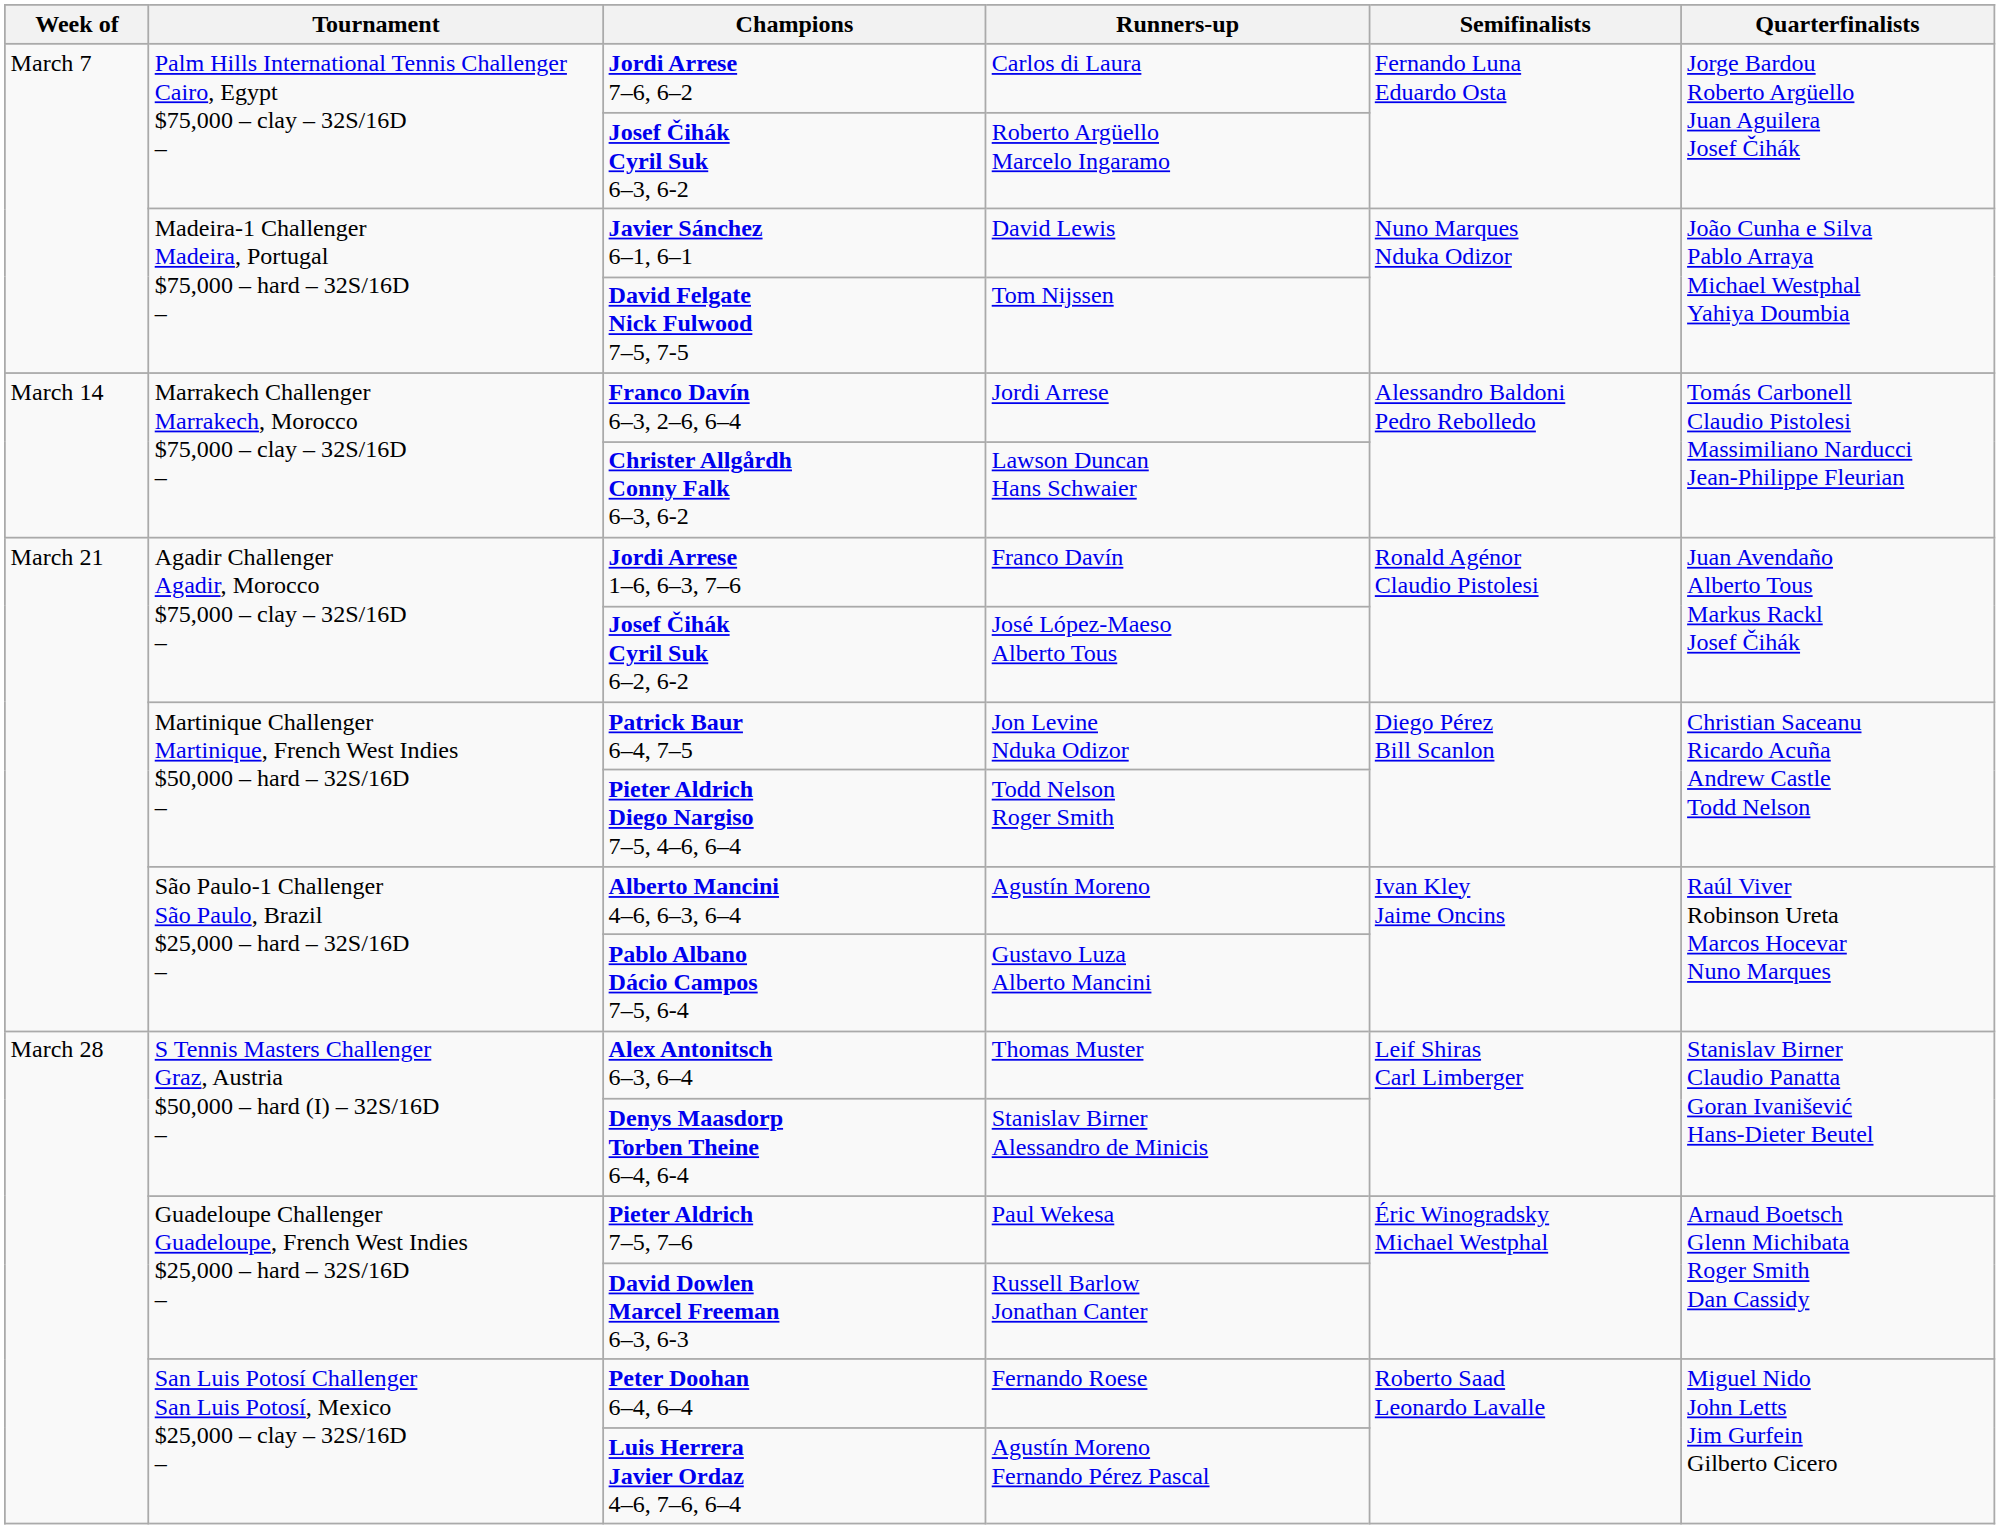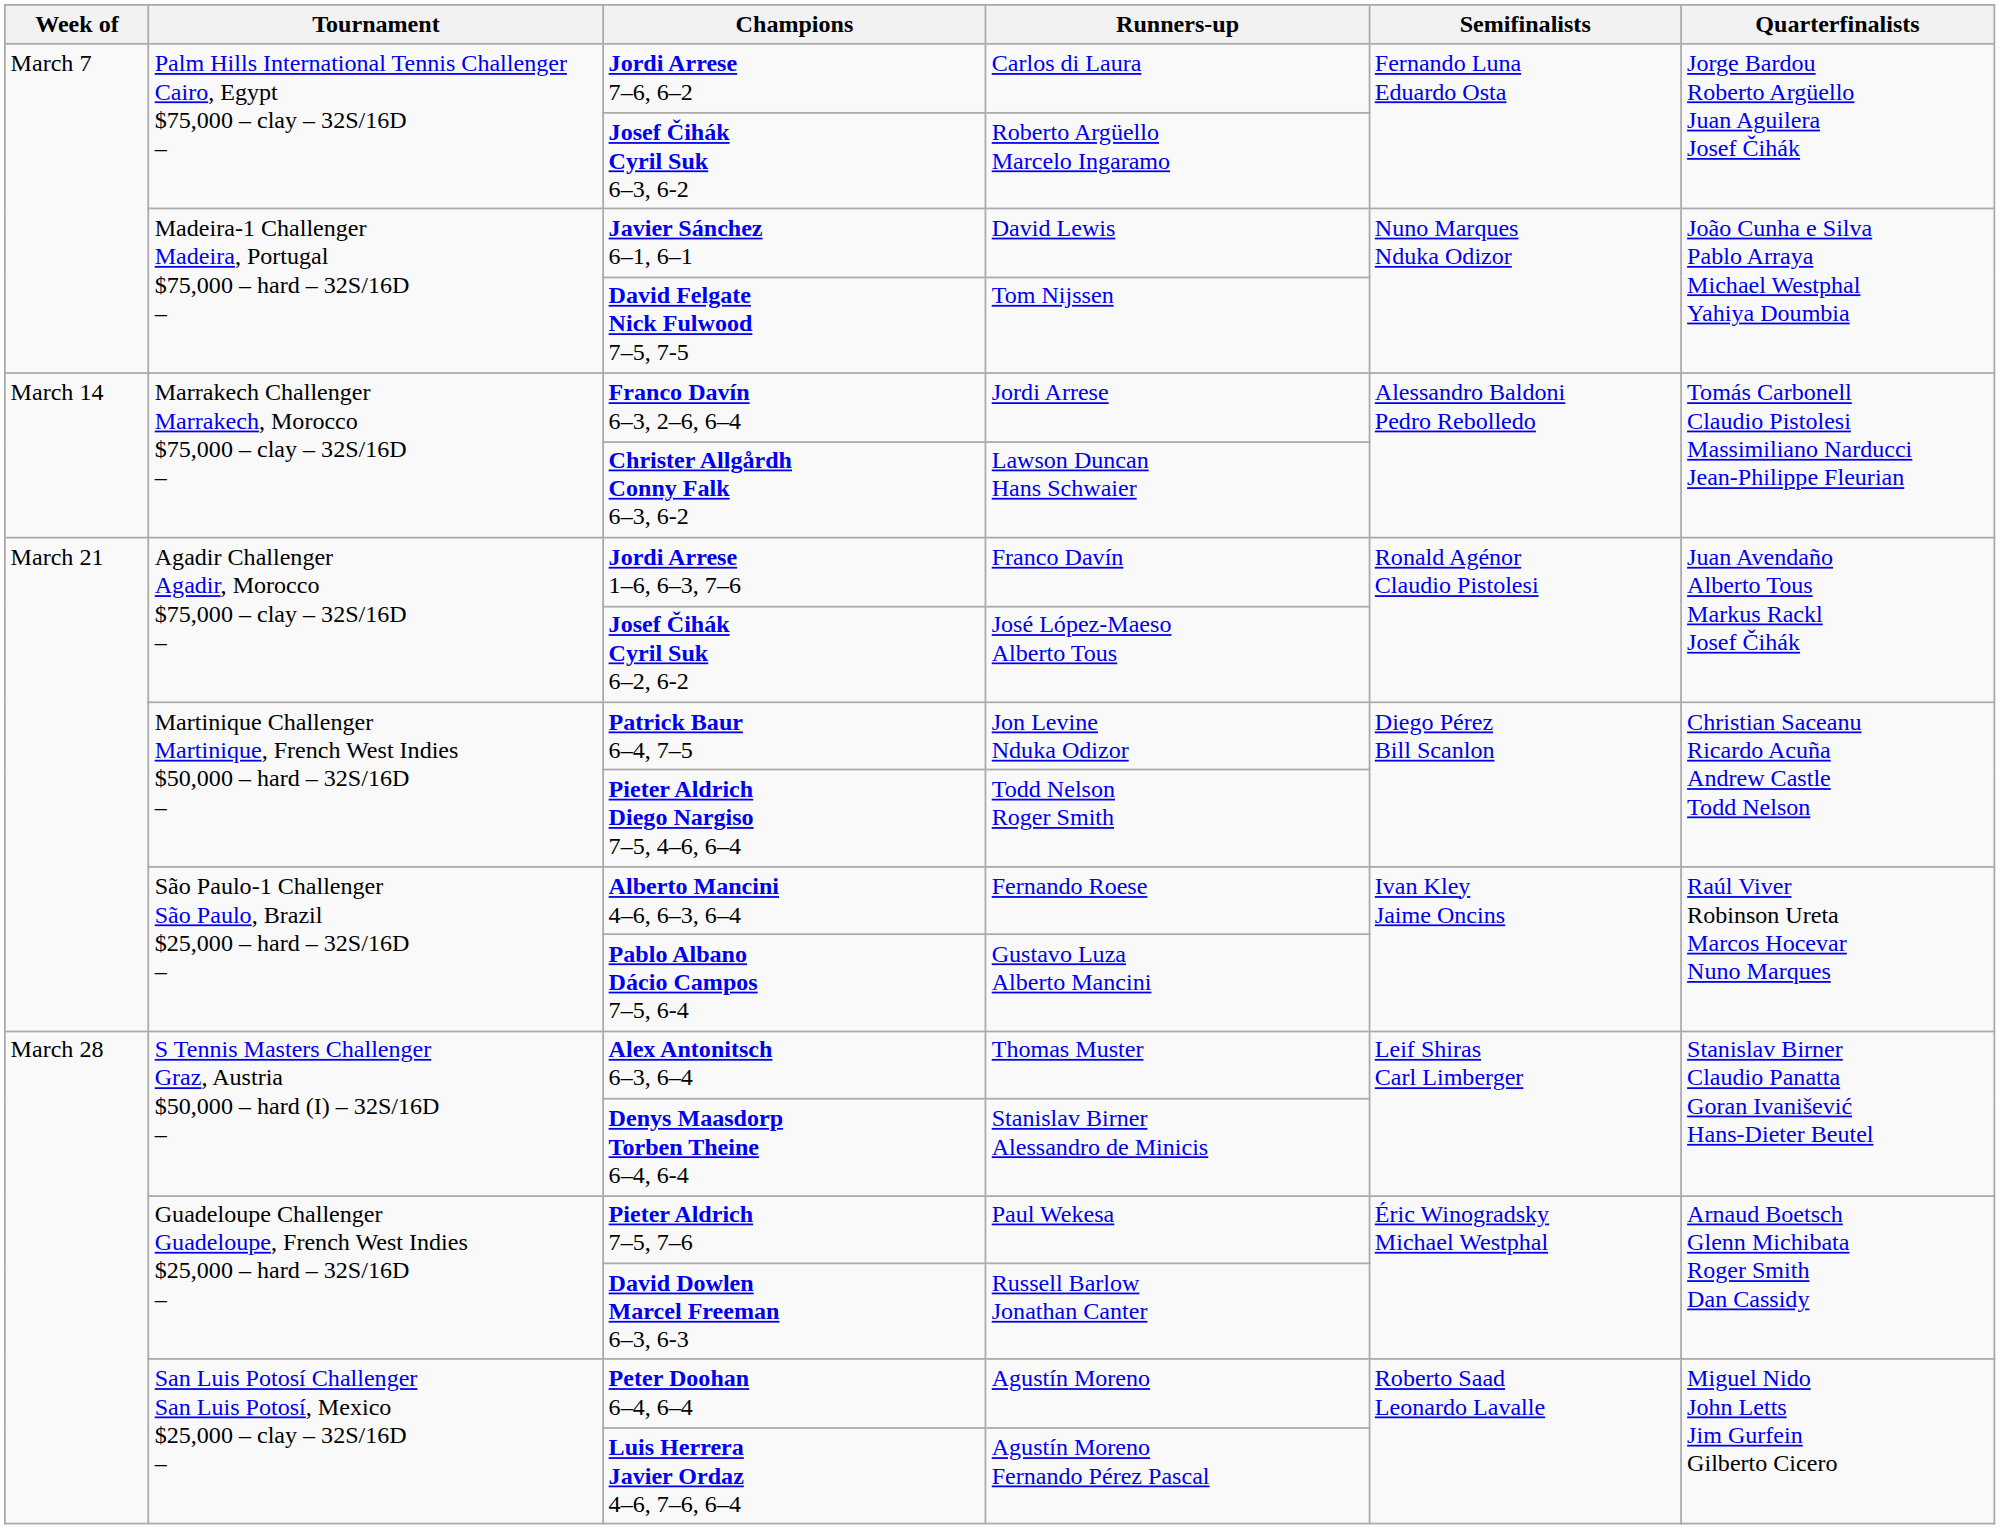 <table class="wikitable" style="font-size:85%;">
 <tr>
 <th width="75">Week of</th>
 <th width="250">Tournament</th>
 <th width="210">Champions</th>
 <th width="210">Runners-up</th>
 <th width="170">Semifinalists</th>
 <th width="170">Quarterfinalists</th>
 </tr>
 <tr valign="top">
 <td rowspan="4">March 7</td>
 <td rowspan="2"><a href='#'>Palm Hills International Tennis Challenger</a><br> <a href='#'>Cairo</a>, Egypt<br>$75,000 – clay – 32S/16D<br>  – </td>
 <td> <strong><a href='#'>Jordi Arrese</a></strong> <br>7–6, 6–2</td>
 <td> <a href='#'>Carlos di Laura</a></td>
 <td rowspan="2"> <a href='#'>Fernando Luna</a> <br>  <a href='#'>Eduardo Osta</a></td>
 <td rowspan="2"> <a href='#'>Jorge Bardou</a> <br> <a href='#'>Roberto Argüello</a> <br> <a href='#'>Juan Aguilera</a> <br>  <a href='#'>Josef Čihák</a></td>
 </tr>
 <tr valign="top">
 <td> <strong><a href='#'>Josef Čihák</a></strong> <br> <strong><a href='#'>Cyril Suk</a></strong><br> 6–3, 6-2</td>
 <td> <a href='#'>Roberto Argüello</a> <br>  <a href='#'>Marcelo Ingaramo</a></td>
 </tr>
 <tr valign="top">
 <td rowspan="2">Madeira-1 Challenger<br> <a href='#'>Madeira</a>, Portugal<br>$75,000 – hard – 32S/16D<br>  – </td>
 <td> <strong><a href='#'>Javier Sánchez</a></strong> <br>6–1, 6–1</td>
 <td> <a href='#'>David Lewis</a></td>
 <td rowspan="2"> <a href='#'>Nuno Marques</a> <br>  <a href='#'>Nduka Odizor</a></td>
 <td rowspan="2"> <a href='#'>João Cunha e Silva</a> <br> <a href='#'>Pablo Arraya</a> <br> <a href='#'>Michael Westphal</a> <br>  <a href='#'>Yahiya Doumbia</a></td>
 </tr>
 <tr valign="top">
 <td> <strong><a href='#'>David Felgate</a></strong> <br> <strong><a href='#'>Nick Fulwood</a></strong><br> 7–5, 7-5</td>
 <td> <a href='#'>Tom Nijssen</a></td>
 </tr>
 <tr valign="top">
 <td rowspan="2">March 14</td>
 <td rowspan="2">Marrakech Challenger<br> <a href='#'>Marrakech</a>, Morocco<br>$75,000 – clay – 32S/16D<br>  – </td>
 <td> <strong><a href='#'>Franco Davín</a></strong> <br>6–3, 2–6, 6–4</td>
 <td> <a href='#'>Jordi Arrese</a></td>
 <td rowspan="2"> <a href='#'>Alessandro Baldoni</a> <br>  <a href='#'>Pedro Rebolledo</a></td>
 <td rowspan="2"> <a href='#'>Tomás Carbonell</a> <br> <a href='#'>Claudio Pistolesi</a> <br> <a href='#'>Massimiliano Narducci</a> <br>  <a href='#'>Jean-Philippe Fleurian</a></td>
 </tr>
 <tr valign="top">
 <td> <strong><a href='#'>Christer Allgårdh</a></strong> <br> <strong><a href='#'>Conny Falk</a></strong><br> 6–3, 6-2</td>
 <td> <a href='#'>Lawson Duncan</a><br>  <a href='#'>Hans Schwaier</a></td>
 </tr>
 <tr valign="top">
 <td rowspan="6">March 21</td>
 <td rowspan="2">Agadir Challenger<br> <a href='#'>Agadir</a>, Morocco<br>$75,000 – clay – 32S/16D<br>  – </td>
 <td> <strong><a href='#'>Jordi Arrese</a></strong> <br>1–6, 6–3, 7–6</td>
 <td> <a href='#'>Franco Davín</a></td>
 <td rowspan="2"> <a href='#'>Ronald Agénor</a> <br>  <a href='#'>Claudio Pistolesi</a></td>
 <td rowspan="2"> <a href='#'>Juan Avendaño</a> <br> <a href='#'>Alberto Tous</a> <br> <a href='#'>Markus Rackl</a> <br>  <a href='#'>Josef Čihák</a></td>
 </tr>
 <tr valign="top">
 <td> <strong><a href='#'>Josef Čihák</a></strong> <br> <strong><a href='#'>Cyril Suk</a></strong><br> 6–2, 6-2</td>
 <td> <a href='#'>José López-Maeso</a> <br>  <a href='#'>Alberto Tous</a></td>
 </tr>
 <tr valign="top">
 <td rowspan="2">Martinique Challenger<br> <a href='#'>Martinique</a>, French West Indies<br>$50,000 – hard – 32S/16D<br>  – </td>
 <td> <strong><a href='#'>Patrick Baur</a></strong> <br>6–4, 7–5</td>
 <td> <a href='#'>Jon Levine</a> <br>  <a href='#'>Nduka Odizor</a></td>
 <td rowspan="2"> <a href='#'>Diego Pérez</a> <br>  <a href='#'>Bill Scanlon</a></td>
 <td rowspan="2"> <a href='#'>Christian Saceanu</a> <br> <a href='#'>Ricardo Acuña</a> <br> <a href='#'>Andrew Castle</a> <br>  <a href='#'>Todd Nelson</a></td>
 </tr>
 <tr valign="top">
 <td> <strong><a href='#'>Pieter Aldrich</a></strong> <br> <strong><a href='#'>Diego Nargiso</a></strong><br> 7–5, 4–6, 6–4</td>
 <td> <a href='#'>Todd Nelson</a> <br>  <a href='#'>Roger Smith</a></td>
 </tr>
 <tr valign="top">
 <td rowspan="2">São Paulo-1 Challenger<br> <a href='#'>São Paulo</a>, Brazil<br>$25,000 – hard – 32S/16D<br>  – </td>
 <td> <strong><a href='#'>Alberto Mancini</a></strong> <br>4–6, 6–3, 6–4</td>
-<td> <a href='#'>Agustín Moreno</a></td>
+<td> <a href='#'>Fernando Roese</a></td>
 <td rowspan="2"> <a href='#'>Ivan Kley</a> <br>  <a href='#'>Jaime Oncins</a></td>
 <td rowspan="2"> <a href='#'>Raúl Viver</a> <br>  Robinson Ureta <br>  <a href='#'>Marcos Hocevar</a> <br>  <a href='#'>Nuno Marques</a></td>
 </tr>
 <tr valign="top">
 <td> <strong><a href='#'>Pablo Albano</a></strong> <br> <strong><a href='#'>Dácio Campos</a></strong><br> 7–5, 6-4</td>
 <td> <a href='#'>Gustavo Luza</a> <br>  <a href='#'>Alberto Mancini</a></td>
 </tr>
 <tr valign="top">
 <td rowspan="6">March 28</td>
 <td rowspan="2"><a href='#'>S Tennis Masters Challenger</a><br> <a href='#'>Graz</a>, Austria<br>$50,000 – hard (I) – 32S/16D<br>  – </td>
 <td> <strong><a href='#'>Alex Antonitsch</a></strong> <br>6–3, 6–4</td>
 <td> <a href='#'>Thomas Muster</a></td>
 <td rowspan="2"> <a href='#'>Leif Shiras</a> <br>  <a href='#'>Carl Limberger</a></td>
 <td rowspan="2"> <a href='#'>Stanislav Birner</a> <br> <a href='#'>Claudio Panatta</a> <br> <a href='#'>Goran Ivanišević</a> <br>  <a href='#'>Hans-Dieter Beutel</a></td>
 </tr>
 <tr valign="top">
 <td> <strong><a href='#'>Denys Maasdorp</a></strong> <br> <strong><a href='#'>Torben Theine</a></strong><br> 6–4, 6-4</td>
 <td> <a href='#'>Stanislav Birner</a><br>  <a href='#'>Alessandro de Minicis</a></td>
 </tr>
 <tr valign="top">
 <td rowspan="2">Guadeloupe Challenger<br> <a href='#'>Guadeloupe</a>, French West Indies<br>$25,000 – hard – 32S/16D<br>  – </td>
 <td> <strong><a href='#'>Pieter Aldrich</a></strong> <br>7–5, 7–6</td>
 <td> <a href='#'>Paul Wekesa</a></td>
 <td rowspan="2"> <a href='#'>Éric Winogradsky</a> <br>  <a href='#'>Michael Westphal</a></td>
 <td rowspan="2"> <a href='#'>Arnaud Boetsch</a> <br> <a href='#'>Glenn Michibata</a> <br> <a href='#'>Roger Smith</a> <br>  <a href='#'>Dan Cassidy</a></td>
 </tr>
 <tr valign="top">
 <td> <strong><a href='#'>David Dowlen</a></strong> <br> <strong><a href='#'>Marcel Freeman</a></strong><br> 6–3, 6-3</td>
 <td> <a href='#'>Russell Barlow</a> <br>  <a href='#'>Jonathan Canter</a></td>
 </tr>
 <tr valign="top">
 <td rowspan="2"><a href='#'>San Luis Potosí Challenger</a><br> <a href='#'>San Luis Potosí</a>, Mexico<br>$25,000 – clay – 32S/16D<br>  – </td>
 <td> <strong><a href='#'>Peter Doohan</a></strong> <br>6–4, 6–4</td>
-<td> <a href='#'>Fernando Roese</a></td>
+<td> <a href='#'>Agustín Moreno</a></td>
 <td rowspan="2"> <a href='#'>Roberto Saad</a> <br>  <a href='#'>Leonardo Lavalle</a></td>
 <td rowspan="2"> <a href='#'>Miguel Nido</a> <br> <a href='#'>John Letts</a> <br> <a href='#'>Jim Gurfein</a> <br>  Gilberto Cicero</td>
 </tr>
 <tr valign="top">
 <td> <strong><a href='#'>Luis Herrera</a></strong> <br> <strong><a href='#'>Javier Ordaz</a></strong><br> 4–6, 7–6, 6–4</td>
 <td> <a href='#'>Agustín Moreno</a><br>  <a href='#'>Fernando Pérez Pascal</a></td>
 </tr>
 </table>
